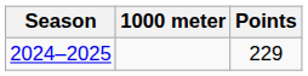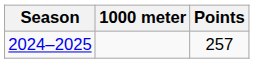 <table class="wikitable" style="display: inline-table;">
 <tr>
 <th>Season</th>
 <th>1000 meter</th>
 <th>Points</th>
 </tr>
 <tr style="text-align:center">
 <td><a href='#'>2024–2025</a></td>
 <td></td>
-<td>229</td>
+<td>257</td>
 </tr>
 </table>
